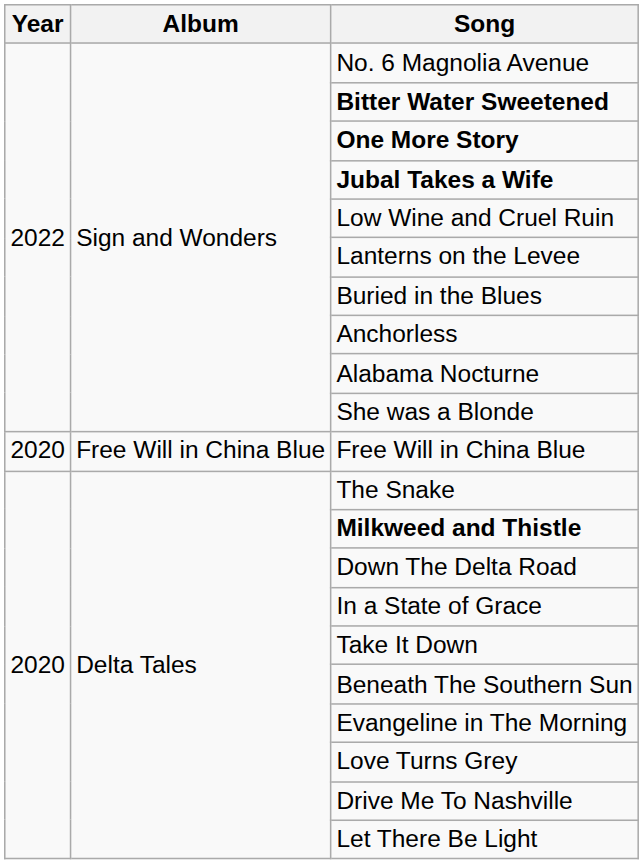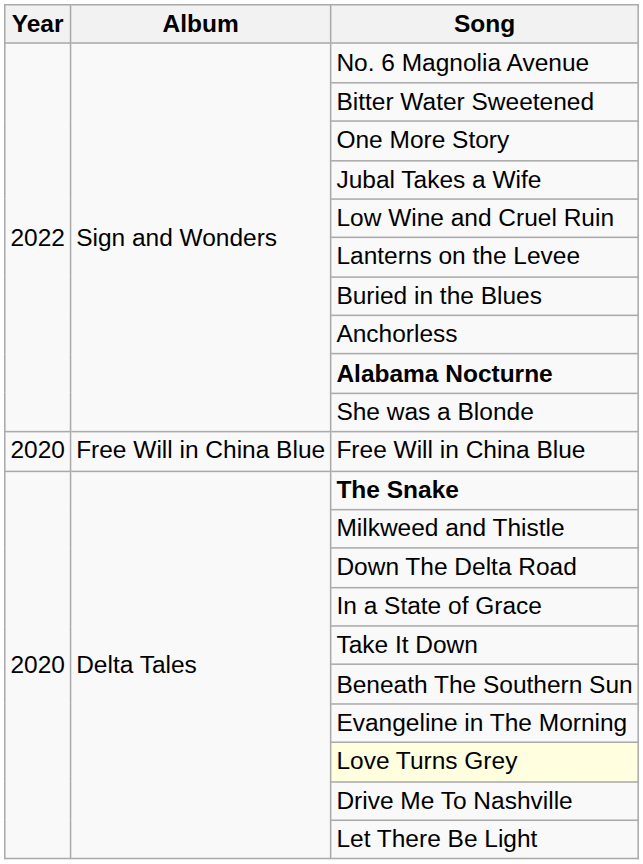 <table class="wikitable">
 <tr>
 <th>Year</th>
 <th>Album</th>
 <th>Song</th>
 </tr>
 <tr>
 <td rowspan="10">2022</td>
 <td rowspan="10">Sign and Wonders</td>
 <td>No. 6 Magnolia Avenue</td>
 </tr>
 <tr>
-<td><strong>Bitter Water Sweetened</strong></td>
+<td>Bitter Water Sweetened</td>
 </tr>
 <tr>
-<td><strong>One More Story</strong></td>
+<td>One More Story</td>
 </tr>
 <tr>
-<td><strong>Jubal Takes a Wife</strong></td>
+<td>Jubal Takes a Wife</td>
 </tr>
 <tr>
 <td>Low Wine and Cruel Ruin</td>
 </tr>
 <tr>
 <td>Lanterns on the Levee</td>
 </tr>
 <tr>
 <td>Buried in the Blues</td>
 </tr>
 <tr>
 <td>Anchorless</td>
 </tr>
 <tr>
-<td>Alabama Nocturne</td>
+<td><strong>Alabama Nocturne</strong></td>
 </tr>
 <tr>
 <td>She was a Blonde</td>
 </tr>
 <tr>
 <td>2020</td>
 <td>Free Will in China Blue</td>
 <td>Free Will in China Blue</td>
 </tr>
 <tr>
 <td rowspan="10">2020</td>
 <td rowspan="10">Delta Tales</td>
-<td>The Snake</td>
+<td><strong>The Snake</strong></td>
 </tr>
 <tr>
-<td><strong>Milkweed and Thistle</strong></td>
+<td>Milkweed and Thistle</td>
 </tr>
 <tr>
 <td>Down The Delta Road</td>
 </tr>
 <tr>
 <td>In a State of Grace</td>
 </tr>
 <tr>
 <td>Take It Down</td>
 </tr>
 <tr>
 <td>Beneath The Southern Sun</td>
 </tr>
 <tr>
 <td>Evangeline in The Morning</td>
 </tr>
 <tr>
-<td>Love Turns Grey</td>
+<td style="background: lightyellow;">Love Turns Grey</td>
 </tr>
 <tr>
 <td>Drive Me To Nashville</td>
 </tr>
 <tr>
 <td>Let There Be Light</td>
 </tr>
 </table>
